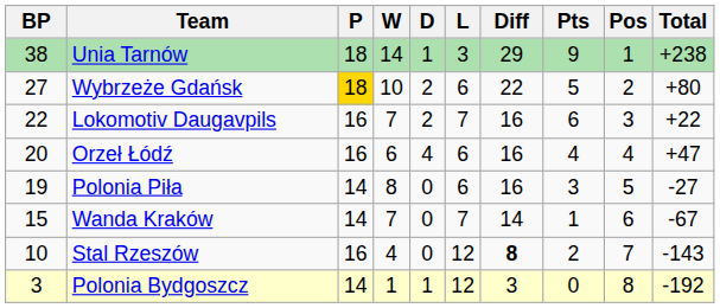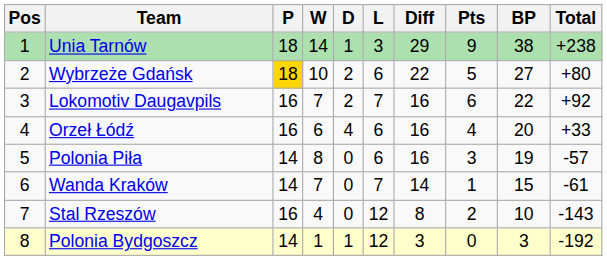 <table class="wikitable" style="font-size: 100%">
 <tr>
-<th width=40>BP</th>
+<th width=20>Pos</th>
 <th width=200>Team</th>
 <th width=20>P</th>
 <th width=20>W</th>
 <th width=20>D</th>
 <th width=20>L</th>
 <th width=40>Diff</th>
 <th width=40>Pts</th>
-<th width=20>Pos</th>
+<th width=40>BP</th>
 <th width=40>Total</th>
 </tr>
 <tr align=center style="background:#ACE1AF;">
-<td>38</td>
+<td>1</td>
 <td align="left"><a href='#'>Unia Tarnów</a></td>
 <td>18</td>
 <td>14</td>
 <td>1</td>
 <td>3</td>
 <td>29</td>
 <td>9</td>
-<td>1</td>
+<td>38</td>
 <td>+238</td>
 </tr>
 <tr align=center>
-<td>27</td>
+<td>2</td>
 <td align="left"><a href='#'>Wybrzeże Gdańsk</a></td>
 <td style="background: gold;">18</td>
 <td>10</td>
 <td>2</td>
 <td>6</td>
 <td>22</td>
 <td>5</td>
-<td>2</td>
+<td>27</td>
 <td>+80</td>
 </tr>
 <tr align=center>
-<td>22</td>
+<td>3</td>
 <td align="left"><a href='#'>Lokomotiv Daugavpils</a> </td>
 <td>16</td>
 <td>7</td>
 <td>2</td>
 <td>7</td>
 <td>16</td>
 <td>6</td>
-<td>3</td>
-<td>+22</td>
+<td>22</td>
+<td>+92</td>
 </tr>
 <tr align=center>
-<td>20</td>
+<td>4</td>
 <td align="left"><a href='#'>Orzeł Łódź</a></td>
 <td>16</td>
 <td>6</td>
 <td>4</td>
 <td>6</td>
 <td>16</td>
 <td>4</td>
-<td>4</td>
-<td>+47</td>
+<td>20</td>
+<td>+33</td>
 </tr>
 <tr align=center>
-<td>19</td>
+<td>5</td>
 <td align="left"><a href='#'>Polonia Piła</a></td>
 <td>14</td>
 <td>8</td>
 <td>0</td>
 <td>6</td>
 <td>16</td>
 <td>3</td>
-<td>5</td>
-<td>-27</td>
+<td>19</td>
+<td>-57</td>
 </tr>
 <tr align=center>
-<td>15</td>
+<td>6</td>
 <td align="left"><a href='#'>Wanda Kraków</a></td>
 <td>14</td>
 <td>7</td>
 <td>0</td>
 <td>7</td>
 <td>14</td>
 <td>1</td>
-<td>6</td>
-<td>-67</td>
+<td>15</td>
+<td>-61</td>
 </tr>
 <tr align=center>
-<td>10</td>
+<td>7</td>
 <td align="left"><a href='#'>Stal Rzeszów</a></td>
 <td>16</td>
 <td>4</td>
 <td>0</td>
 <td>12</td>
-<td><strong>8</strong></td>
+<td>8</td>
 <td>2</td>
-<td>7</td>
+<td>10</td>
 <td>-143</td>
 </tr>
 <tr align=center style="background: #ffffcc;">
-<td>3</td>
+<td>8</td>
 <td align="left"><a href='#'>Polonia Bydgoszcz</a></td>
 <td>14</td>
 <td>1</td>
 <td>1</td>
 <td>12</td>
 <td>3</td>
 <td>0</td>
-<td>8</td>
+<td>3</td>
 <td>-192</td>
 </tr>
 </table>
